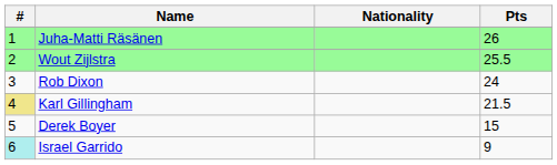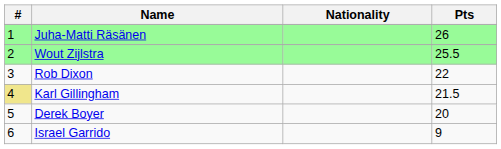 <table class="wikitable" style="display: inline-table; width: 50%;">
 <tr>
 <th>#</th>
 <th>Name</th>
 <th>Nationality</th>
 <th>Pts</th>
 </tr>
 <tr>
 </tr>
 <tr style="background:palegreen;">
 <td>1</td>
 <td><a href='#'>Juha-Matti Räsänen</a></td>
 <td></td>
 <td>26</td>
 </tr>
 <tr>
 </tr>
 <tr style="background:palegreen;">
 <td>2</td>
 <td><a href='#'>Wout Zijlstra</a></td>
 <td></td>
 <td>25.5</td>
 </tr>
 <tr>
 <td>3</td>
 <td><a href='#'>Rob Dixon</a></td>
 <td></td>
-<td>24</td>
+<td>22</td>
 </tr>
 <tr>
 <td style="background: khaki;">4</td>
 <td><a href='#'>Karl Gillingham</a></td>
 <td></td>
 <td>21.5</td>
 </tr>
 <tr>
 <td>5</td>
 <td><a href='#'>Derek Boyer</a></td>
 <td></td>
-<td>15</td>
+<td>20</td>
 </tr>
 <tr>
-<td style="background: paleturquoise;">6</td>
+<td>6</td>
 <td><a href='#'>Israel Garrido</a></td>
 <td></td>
 <td>9</td>
 </tr>
 </table>
